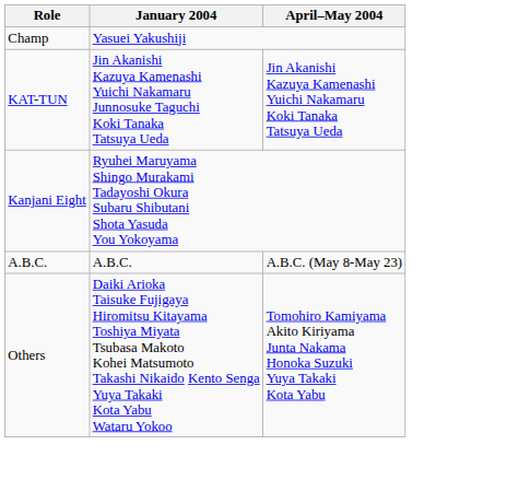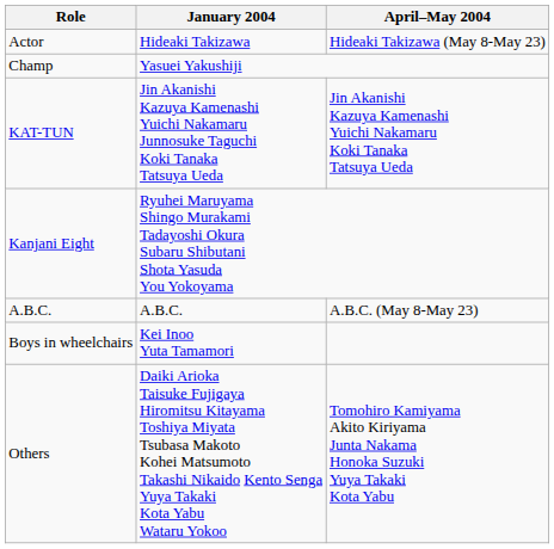 <table class="wikitable">
 <tr>
 <th>Role</th>
 <th>January 2004</th>
 <th>April–May 2004</th>
+</tr>
+<tr>
+<td>Actor</td>
+<td><a href='#'>Hideaki Takizawa</a></td>
+<td><a href='#'>Hideaki Takizawa</a> (May 8-May 23)</td>
 </tr>
 <tr>
 <td>Champ</td>
 <td colspan="2"><a href='#'>Yasuei Yakushiji</a></td>
 </tr>
 <tr>
 <td><a href='#'>KAT-TUN</a></td>
 <td><a href='#'>Jin Akanishi</a><br><a href='#'>Kazuya Kamenashi</a><br><a href='#'>Yuichi Nakamaru</a><br><a href='#'>Junnosuke Taguchi</a><br><a href='#'>Koki Tanaka</a><br><a href='#'>Tatsuya Ueda</a><br></td>
 <td><a href='#'>Jin Akanishi</a><br><a href='#'>Kazuya Kamenashi</a><br><a href='#'>Yuichi Nakamaru</a><br><a href='#'>Koki Tanaka</a><br><a href='#'>Tatsuya Ueda</a></td>
 </tr>
 <tr>
 <td><a href='#'>Kanjani Eight</a></td>
 <td colspan="2"><a href='#'>Ryuhei Maruyama</a><br><a href='#'>Shingo Murakami</a><br><a href='#'>Tadayoshi Okura</a><br><a href='#'>Subaru Shibutani</a><br><a href='#'>Shota Yasuda</a><br><a href='#'>You Yokoyama</a></td>
 </tr>
 <tr>
 <td>A.B.C.</td>
 <td>A.B.C.</td>
 <td>A.B.C. (May 8-May 23)</td>
 </tr>
 <tr>
+<td>Boys in wheelchairs</td>
+<td><a href='#'>Kei Inoo</a><br><a href='#'>Yuta Tamamori</a></td>
+<td></td>
+</tr>
+<tr>
 <td>Others</td>
 <td><a href='#'>Daiki Arioka</a><br><a href='#'>Taisuke Fujigaya</a><br><a href='#'>Hiromitsu Kitayama</a><br><a href='#'>Toshiya Miyata</a><br>Tsubasa Makoto<br>Kohei Matsumoto<br><a href='#'>Takashi Nikaido</a> <a href='#'>Kento Senga</a><br><a href='#'>Yuya Takaki</a><br><a href='#'>Kota Yabu</a><br><a href='#'>Wataru Yokoo</a></td>
 <td><a href='#'>Tomohiro Kamiyama</a><br>Akito Kiriyama<br><a href='#'>Junta Nakama</a><br><a href='#'>Honoka Suzuki</a><br><a href='#'>Yuya Takaki</a><br><a href='#'>Kota Yabu</a></td>
 </tr>
 </table>
